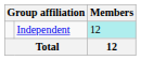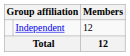 <table class="wikitable">
 <tr>
 <th colspan="2" rowspan="1" align="center" valign="top">Group affiliation</th>
 <th valign="top">Members<br></th>
 </tr>
 <tr>
 <td style="background-color:"> </td>
 <td><a href='#'>Independent</a> <br></td>
-<td style="background: paleturquoise;">12</td>
+<td>12</td>
 </tr>
 <tr>
 <th colspan="2" rowspan="1"> Total<br></th>
 <th>12</th>
 </tr>
 </table>
